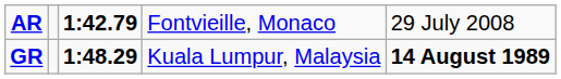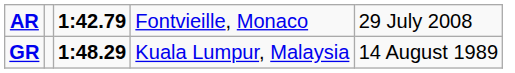 <table class="wikitable" style="font-size:95%; position:relative;">
 <tr>
 <td align=center><strong><a href='#'>AR</a></strong></td>
 <td></td>
 <td><strong>1:42.79</strong></td>
 <td><a href='#'>Fontvieille</a>, <a href='#'>Monaco</a></td>
 <td>29 July 2008</td>
 </tr>
 <tr>
 <td align=center><strong><a href='#'>GR</a></strong></td>
 <td></td>
 <td><strong>		1:48.29</strong></td>
 <td><a href='#'>Kuala Lumpur</a>, <a href='#'>Malaysia</a></td>
-<td><strong>14 August 1989</strong></td>
+<td>14 August 1989</td>
 </tr>
 </table>
